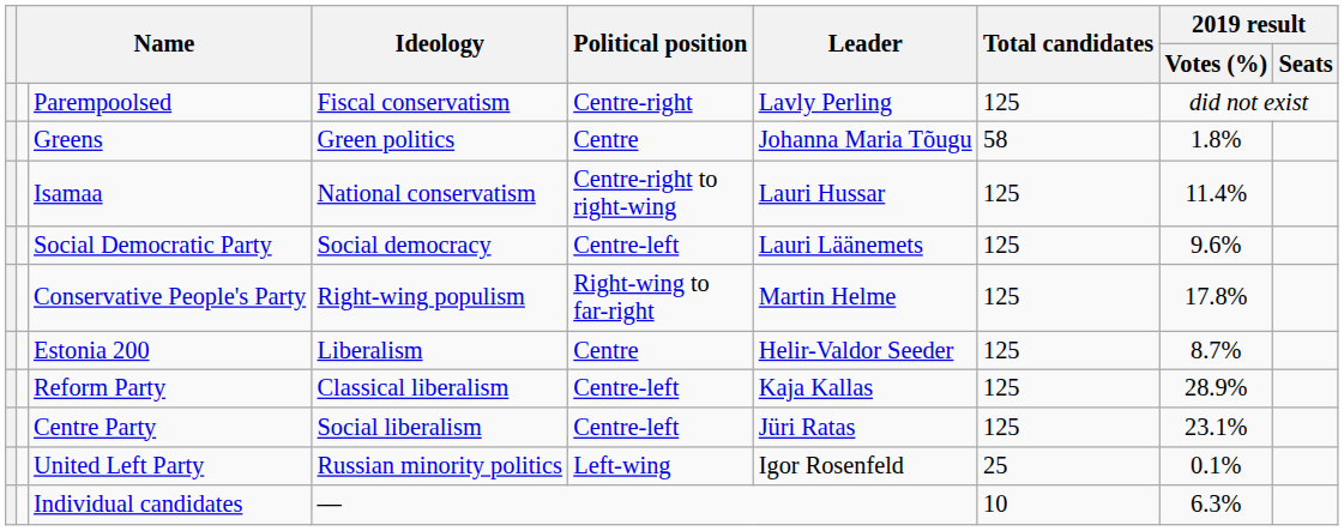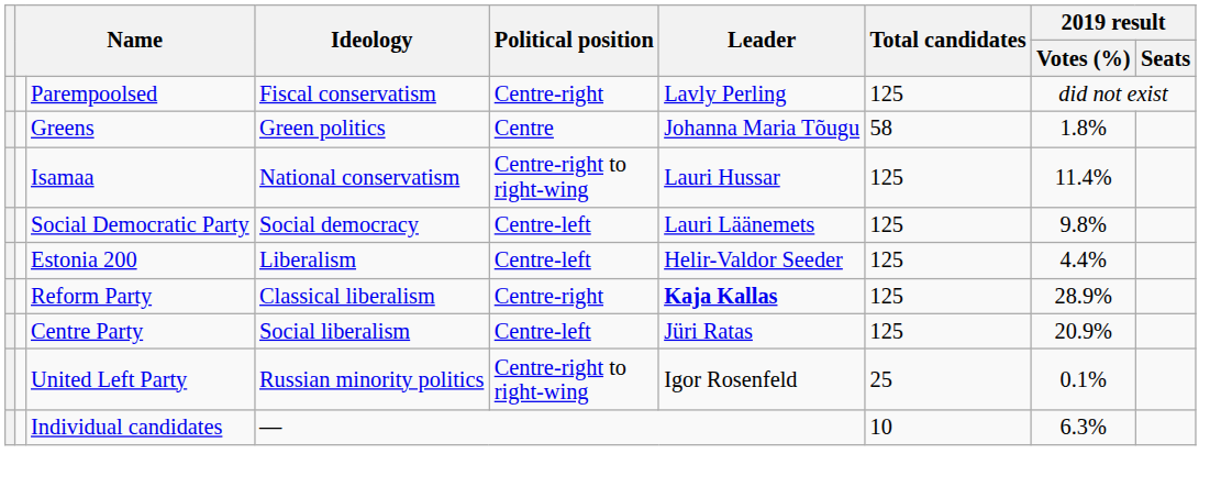 <table class="wikitable" style="text-align:left">
 <tr>
 <th rowspan="2"></th>
 <th colspan="2" rowspan="2">Name</th>
 <th rowspan="2">Ideology</th>
 <th rowspan="2">Political position</th>
 <th rowspan="2">Leader</th>
 <th rowspan="2">Total candidates</th>
 <th colspan="2">2019 result</th>
 </tr>
 <tr>
 <th>Votes (%)</th>
 <th>Seats</th>
 </tr>
 <tr>
 <th></th>
 <td style="background:"></td>
 <td><a href='#'>Parempoolsed</a></td>
 <td><a href='#'>Fiscal conservatism</a></td>
 <td><a href='#'>Centre-right</a></td>
 <td><a href='#'>Lavly Perling</a></td>
 <td>125</td>
 <td colspan="2" style="text-align:center"><em>did not exist</em></td>
 </tr>
 <tr>
 <th></th>
 <td style="background:"></td>
 <td><a href='#'>Greens</a></td>
 <td><a href='#'>Green politics</a></td>
 <td><a href='#'>Centre</a></td>
 <td><a href='#'>Johanna Maria Tõugu</a></td>
 <td>58</td>
 <td style="text-align:center">1.8%</td>
 <td></td>
 </tr>
 <tr>
 <th></th>
 <td style="background:"></td>
 <td><a href='#'>Isamaa</a></td>
 <td><a href='#'>National conservatism</a></td>
 <td><a href='#'>Centre-right</a> to<br><a href='#'>right-wing</a></td>
 <td><a href='#'>Lauri Hussar</a></td>
 <td>125</td>
 <td style="text-align:center">11.4%</td>
 <td></td>
 </tr>
 <tr>
 <th></th>
 <td style="background:"></td>
 <td><a href='#'>Social Democratic Party</a></td>
 <td><a href='#'>Social democracy</a></td>
 <td><a href='#'>Centre-left</a></td>
 <td><a href='#'>Lauri Läänemets</a></td>
 <td>125</td>
-<td style="text-align:center">9.6%</td>
-<td></td>
-</tr>
-<tr>
-<th></th>
-<td style="background:"></td>
-<td><a href='#'>Conservative People's Party</a></td>
-<td><a href='#'>Right-wing populism</a></td>
-<td><a href='#'>Right-wing</a> to<br><a href='#'>far-right</a></td>
-<td><a href='#'>Martin Helme</a></td>
-<td>125</td>
-<td style="text-align:center">17.8%</td>
+<td style="text-align:center">9.8%</td>
 <td></td>
 </tr>
 <tr>
 <th></th>
 <td style="background:"></td>
 <td><a href='#'>Estonia 200</a></td>
 <td><a href='#'>Liberalism</a></td>
-<td><a href='#'>Centre</a></td>
+<td><a href='#'>Centre-left</a></td>
 <td><a href='#'>Helir-Valdor Seeder</a></td>
 <td>125</td>
-<td style="text-align:center">8.7%</td>
+<td style="text-align:center">4.4%</td>
 <td></td>
 </tr>
 <tr>
 <th></th>
 <td style="background:"></td>
 <td><a href='#'>Reform Party</a></td>
 <td><a href='#'>Classical liberalism</a></td>
-<td><a href='#'>Centre-left</a></td>
-<td><a href='#'>Kaja Kallas</a></td>
+<td><a href='#'>Centre-right</a></td>
+<td><strong><a href='#'>Kaja Kallas</a></strong></td>
 <td>125</td>
 <td style="text-align:center">28.9%</td>
 <td></td>
 </tr>
 <tr>
 <th></th>
 <td style="background:"></td>
 <td><a href='#'>Centre Party</a></td>
 <td><a href='#'>Social liberalism</a></td>
 <td><a href='#'>Centre-left</a></td>
 <td><a href='#'>Jüri Ratas</a></td>
 <td>125</td>
-<td style="text-align:center">23.1%</td>
+<td style="text-align:center">20.9%</td>
 <td></td>
 </tr>
 <tr>
 <th></th>
 <td style="background:"></td>
 <td><a href='#'>United Left Party</a></td>
 <td><a href='#'>Russian minority politics</a></td>
-<td><a href='#'>Left-wing</a></td>
+<td><a href='#'>Centre-right</a> to<br><a href='#'>right-wing</a></td>
 <td>Igor Rosenfeld</td>
 <td>25</td>
 <td style="text-align:center">0.1%</td>
 <td></td>
 </tr>
 <tr>
 <th></th>
 <td style="background:"></td>
 <td><a href='#'>Individual candidates</a></td>
 <td colspan="3">—</td>
 <td>10</td>
 <td style="text-align:center">6.3%</td>
 <td></td>
 </tr>
 </table>
